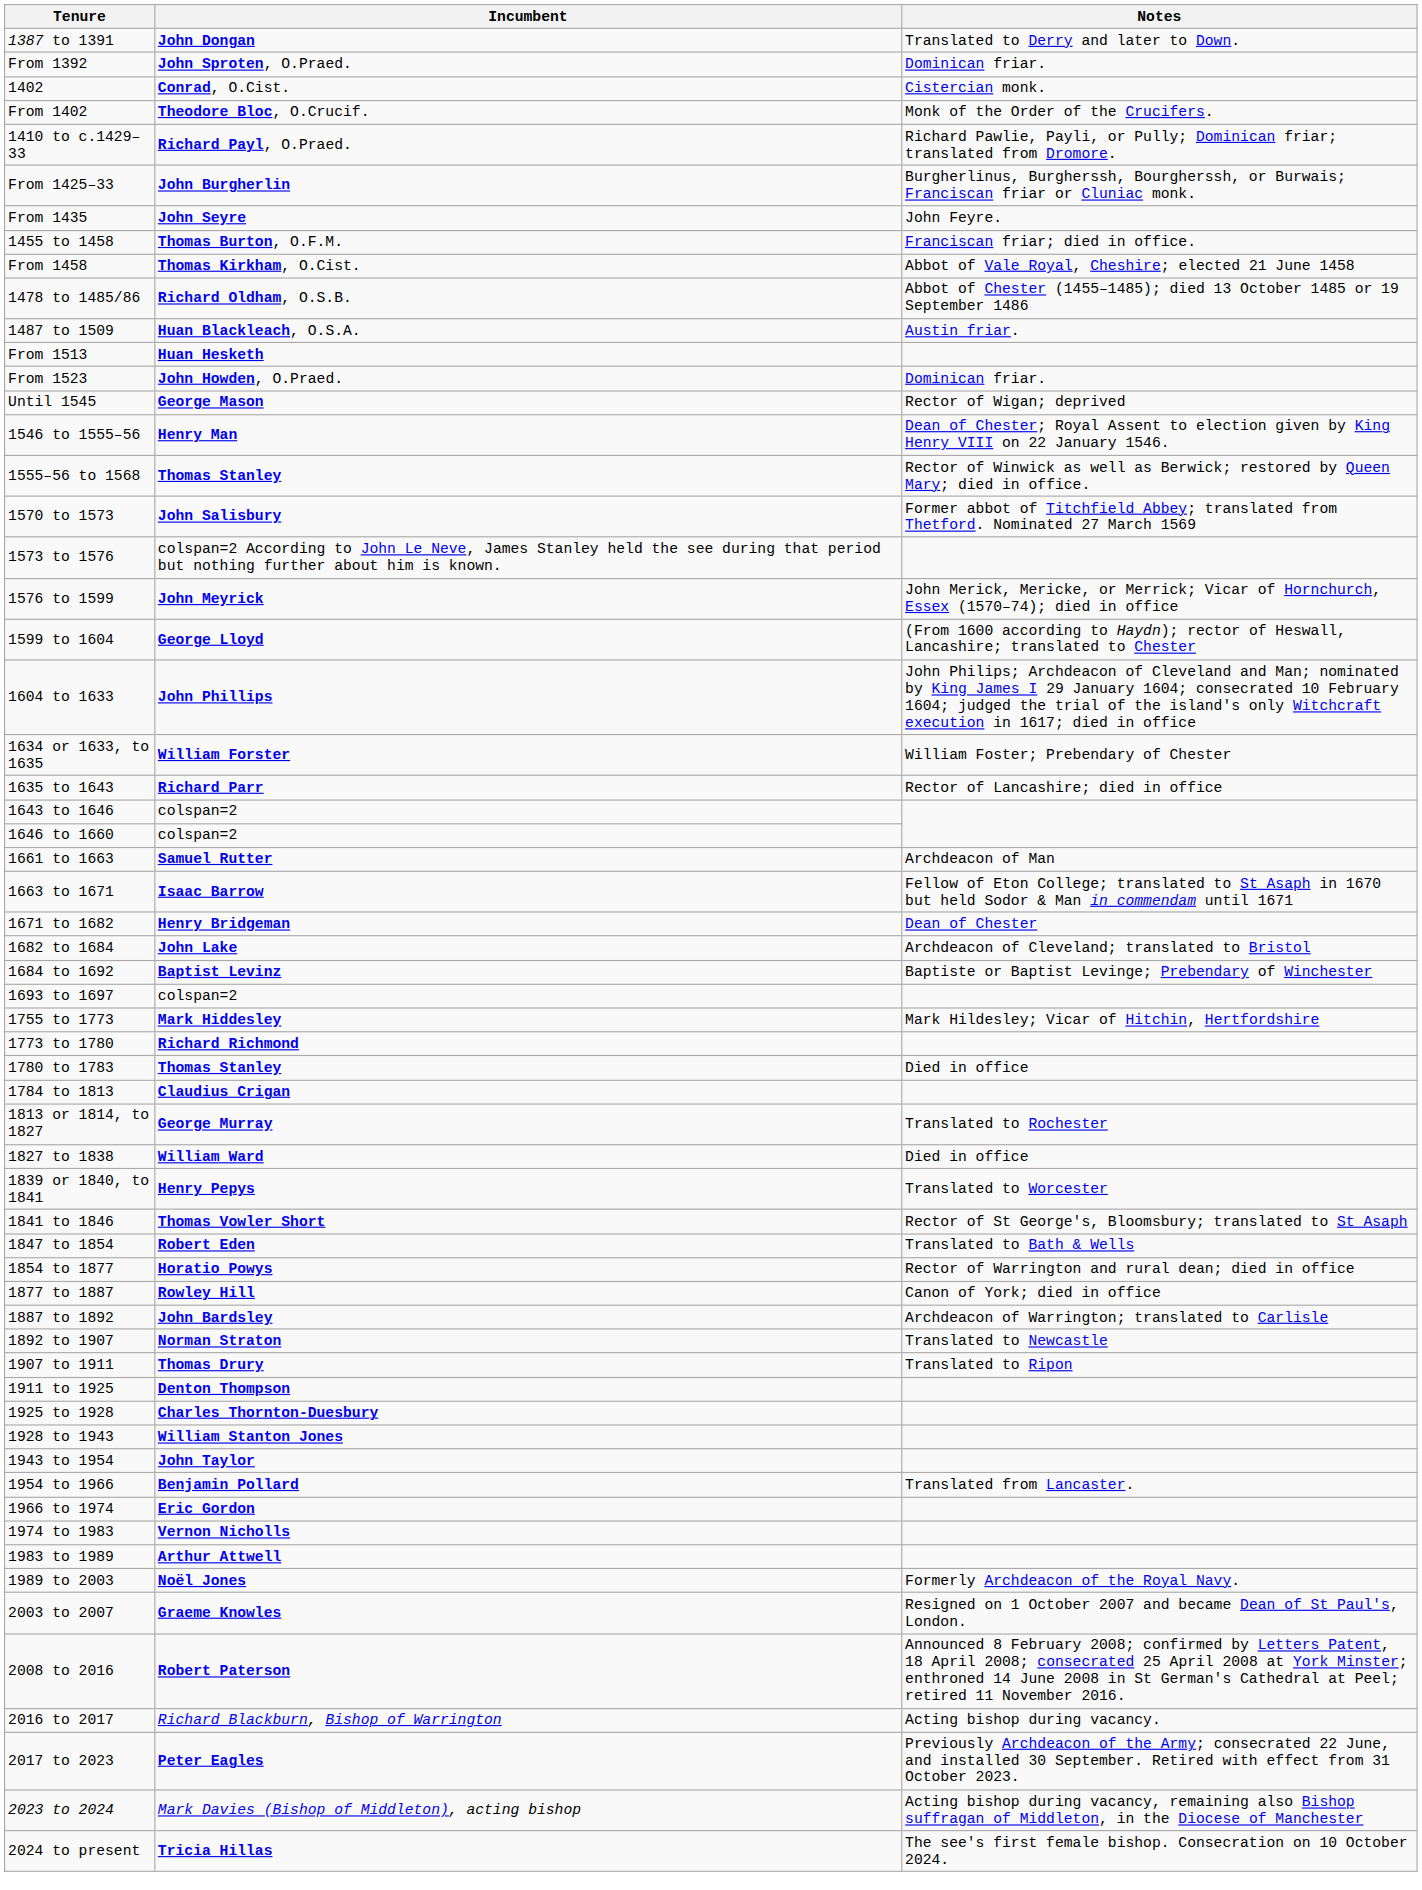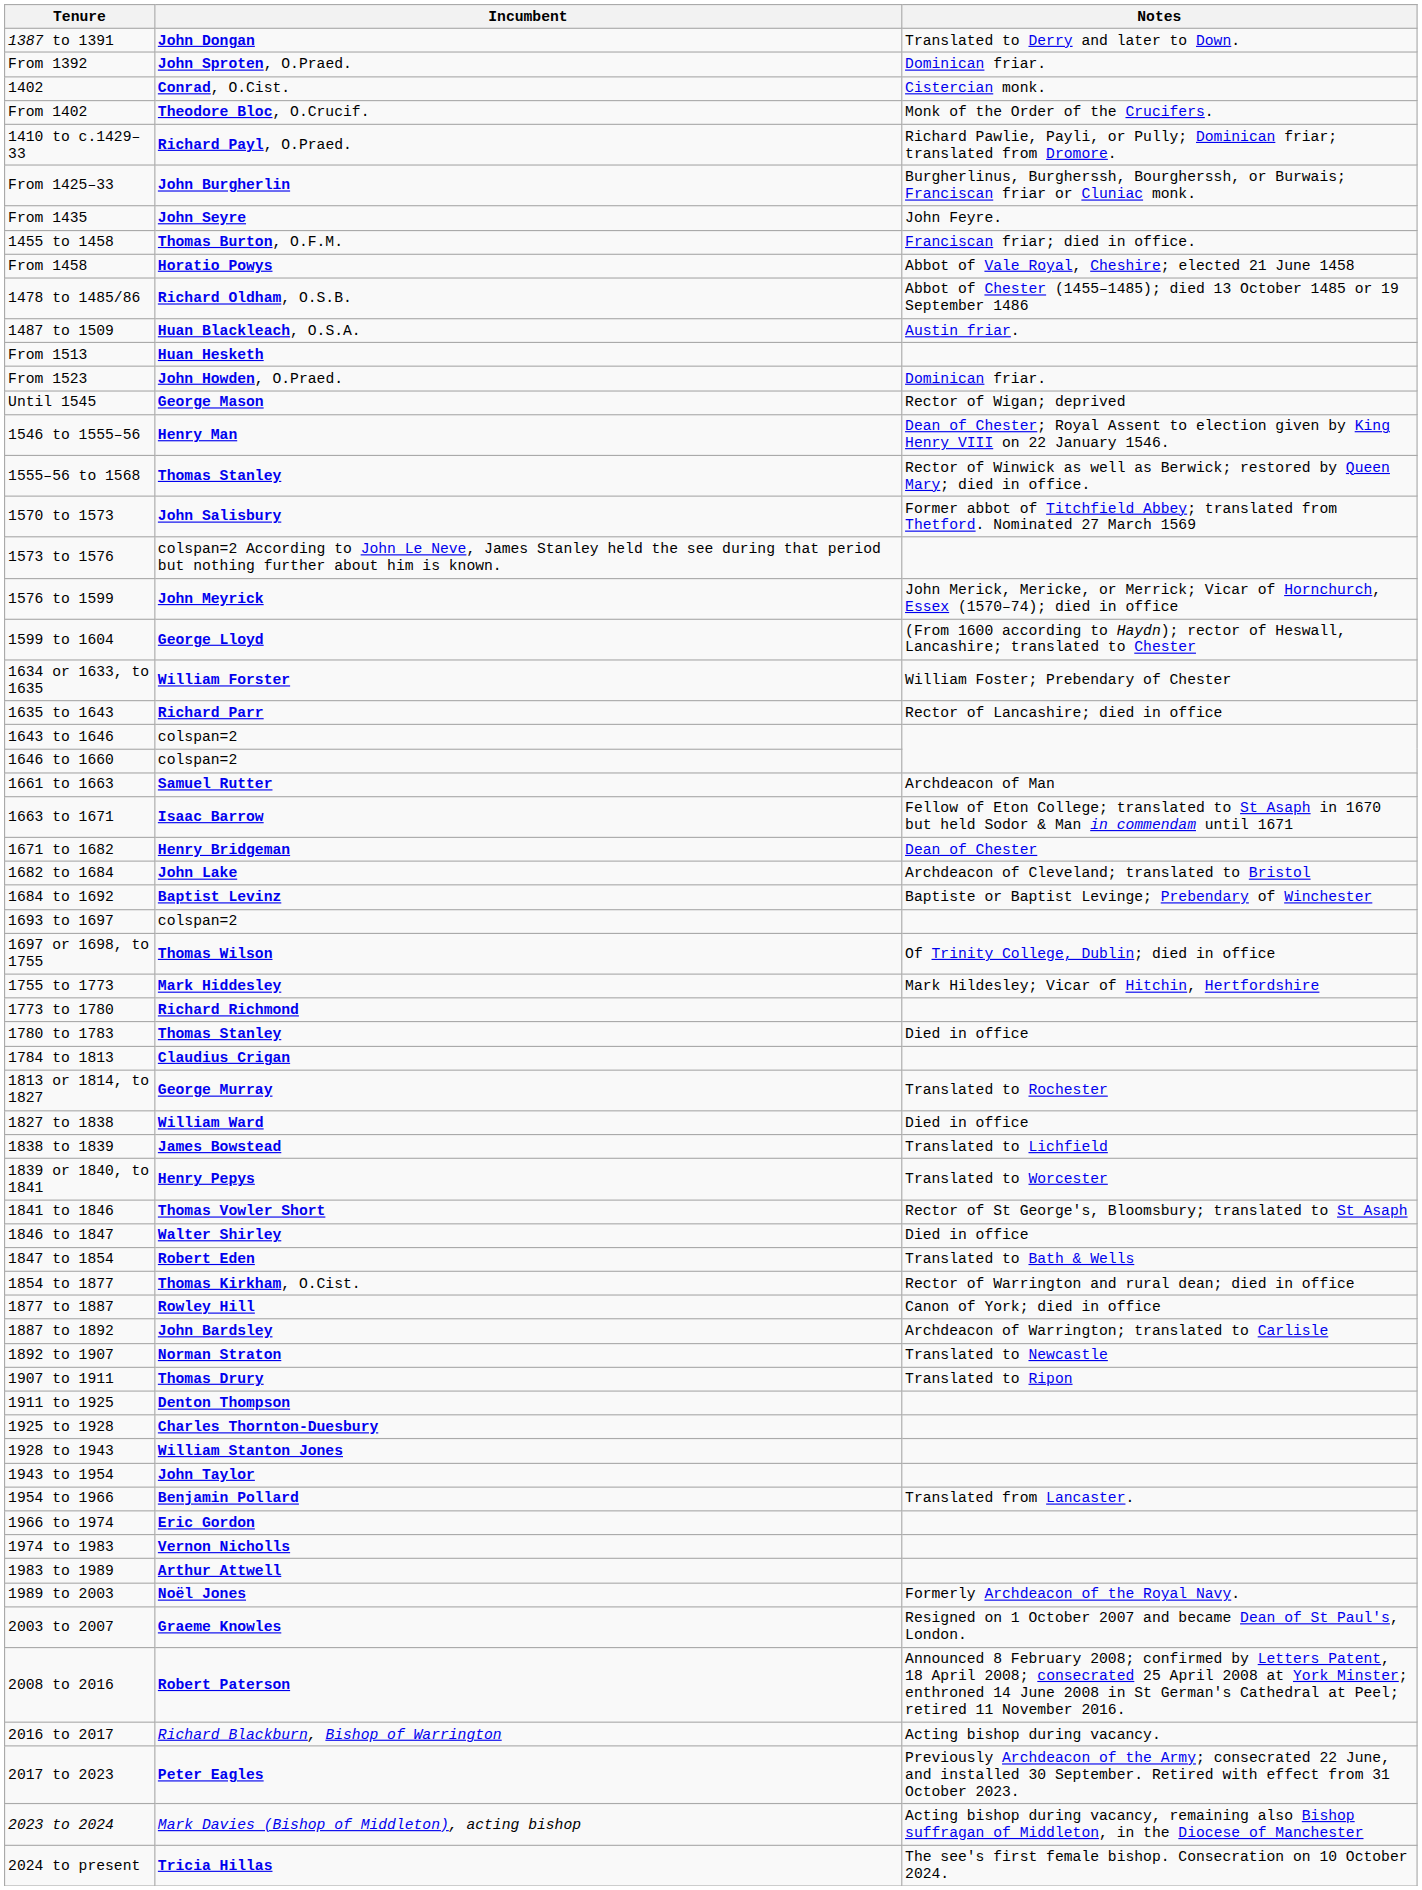 <table class="wikitable">
 <tr>
 <th>Tenure</th>
 <th>Incumbent</th>
 <th width="450pt">Notes</th>
 </tr>
 <tr>
 <td><em>1387</em> to 1391</td>
 <td><strong><a href='#'>John Dongan</a></strong></td>
 <td>Translated to <a href='#'>Derry</a> and later to <a href='#'>Down</a>.</td>
 </tr>
 <tr>
 <td>From 1392</td>
 <td><strong><a href='#'>John Sproten</a></strong>, O.Praed.</td>
 <td><a href='#'>Dominican</a> friar.</td>
 </tr>
 <tr>
 <td>1402</td>
 <td><strong><a href='#'>Conrad</a></strong>, O.Cist.</td>
 <td><a href='#'>Cistercian</a> monk.</td>
 </tr>
 <tr>
 <td>From 1402</td>
 <td><strong><a href='#'>Theodore Bloc</a></strong>, O.Crucif.</td>
 <td>Monk of the Order of the <a href='#'>Crucifers</a>.</td>
 </tr>
 <tr>
 <td>1410 to c.1429–33</td>
 <td><strong><a href='#'>Richard Payl</a></strong>, O.Praed.</td>
 <td>Richard Pawlie, Payli, or Pully; <a href='#'>Dominican</a> friar; translated from <a href='#'>Dromore</a>.</td>
 </tr>
 <tr>
 <td>From 1425–33</td>
 <td><strong><a href='#'>John Burgherlin</a></strong></td>
 <td>Burgherlinus, Burgherssh, Bourgherssh, or Burwais; <a href='#'>Franciscan</a> friar or <a href='#'>Cluniac</a> monk.</td>
 </tr>
 <tr>
 <td>From 1435</td>
 <td><strong><a href='#'>John Seyre</a></strong></td>
 <td>John Feyre.</td>
 </tr>
 <tr>
 <td>1455 to 1458</td>
 <td><strong><a href='#'>Thomas Burton</a></strong>, O.F.M.</td>
 <td><a href='#'>Franciscan</a> friar; died in office.</td>
 </tr>
 <tr>
 <td>From 1458</td>
-<td><strong><a href='#'>Thomas Kirkham</a></strong>, O.Cist.</td>
+<td><strong><a href='#'>Horatio Powys</a></strong></td>
 <td>Abbot of <a href='#'>Vale Royal</a>, <a href='#'>Cheshire</a>; elected 21 June 1458</td>
 </tr>
 <tr>
 <td>1478 to 1485/86</td>
 <td><strong><a href='#'>Richard Oldham</a></strong>, O.S.B.</td>
 <td>Abbot of <a href='#'>Chester</a> (1455–1485); died 13 October 1485 or 19 September 1486</td>
 </tr>
 <tr>
 <td>1487 to 1509</td>
 <td><strong><a href='#'>Huan Blackleach</a></strong>, O.S.A.</td>
 <td><a href='#'>Austin friar</a>.</td>
 </tr>
 <tr>
 <td>From 1513</td>
 <td><strong><a href='#'>Huan Hesketh</a></strong></td>
 <td></td>
 </tr>
 <tr>
 <td>From 1523</td>
 <td><strong><a href='#'>John Howden</a></strong>, O.Praed.</td>
 <td><a href='#'>Dominican</a> friar.</td>
 </tr>
 <tr>
 <td>Until 1545</td>
 <td><strong><a href='#'>George Mason</a></strong></td>
 <td>Rector of Wigan; deprived</td>
 </tr>
 <tr>
 <td>1546 to 1555–56</td>
 <td><strong><a href='#'>Henry Man</a></strong></td>
 <td><a href='#'>Dean of Chester</a>; Royal Assent to election given by <a href='#'>King Henry VIII</a> on 22 January 1546.</td>
 </tr>
 <tr>
 <td>1555–56 to 1568</td>
 <td><strong><a href='#'>Thomas Stanley</a></strong></td>
 <td>Rector of Winwick as well as Berwick; restored by <a href='#'>Queen Mary</a>; died in office.</td>
 </tr>
 <tr>
 <td>1570 to 1573</td>
 <td><strong><a href='#'>John Salisbury</a></strong></td>
 <td>Former abbot of <a href='#'>Titchfield Abbey</a>; translated from <a href='#'>Thetford</a>. Nominated 27 March 1569</td>
 </tr>
 <tr>
 <td>1573 to 1576</td>
 <td>colspan=2  According to <a href='#'>John Le Neve</a>, James Stanley held the see during that period but nothing further about him is known.</td>
 </tr>
 <tr>
 <td>1576 to 1599</td>
 <td><strong><a href='#'>John Meyrick</a></strong></td>
 <td>John Merick, Mericke, or Merrick; Vicar of <a href='#'>Hornchurch</a>, <a href='#'>Essex</a> (1570–74); died in office</td>
 </tr>
 <tr>
 <td>1599 to 1604</td>
 <td><strong><a href='#'>George Lloyd</a></strong></td>
 <td>(From 1600 according to <em>Haydn</em>); rector of Heswall, Lancashire; translated to <a href='#'>Chester</a></td>
 </tr>
 <tr>
-<td>1604 to 1633</td>
-<td><strong><a href='#'>John Phillips</a></strong></td>
-<td>John Philips; Archdeacon of Cleveland and Man; nominated by <a href='#'>King James I</a> 29 January 1604; consecrated 10 February 1604; judged the trial of the island's only <a href='#'>Witchcraft execution</a> in 1617; died in office</td>
-</tr>
-<tr>
 <td>1634 or 1633, to 1635</td>
 <td><strong><a href='#'>William Forster</a></strong></td>
 <td>William Foster; Prebendary of Chester</td>
 </tr>
 <tr>
 <td>1635 to 1643</td>
 <td><strong><a href='#'>Richard Parr</a></strong></td>
 <td>Rector of Lancashire; died in office</td>
 </tr>
 <tr>
 <td>1643 to 1646</td>
 <td>colspan=2 </td>
 </tr>
 <tr>
 <td>1646 to 1660</td>
 <td>colspan=2 </td>
 </tr>
 <tr>
 <td>1661 to 1663</td>
 <td><strong><a href='#'>Samuel Rutter</a></strong></td>
 <td>Archdeacon of Man</td>
 </tr>
 <tr>
 <td>1663 to 1671</td>
 <td><strong><a href='#'>Isaac Barrow</a></strong></td>
 <td>Fellow of Eton College; translated to <a href='#'>St Asaph</a> in 1670 but held Sodor & Man <em><a href='#'>in commendam</a></em> until 1671</td>
 </tr>
 <tr>
 <td>1671 to 1682</td>
 <td><strong><a href='#'>Henry Bridgeman</a></strong></td>
 <td><a href='#'>Dean of Chester</a></td>
 </tr>
 <tr>
 <td>1682 to 1684</td>
 <td><strong><a href='#'>John Lake</a></strong></td>
 <td>Archdeacon of Cleveland; translated to <a href='#'>Bristol</a></td>
 </tr>
 <tr>
 <td>1684 to 1692</td>
 <td><strong><a href='#'>Baptist Levinz</a></strong></td>
 <td>Baptiste or Baptist Levinge; <a href='#'>Prebendary</a> of <a href='#'>Winchester</a></td>
 </tr>
 <tr>
 <td>1693 to 1697</td>
 <td>colspan=2 </td>
 </tr>
 <tr>
+<td>1697 or 1698, to 1755</td>
+<td><strong><a href='#'>Thomas Wilson</a></strong></td>
+<td>Of <a href='#'>Trinity College, Dublin</a>; died in office</td>
+</tr>
+<tr>
 <td>1755 to 1773</td>
 <td><strong><a href='#'>Mark Hiddesley</a></strong></td>
 <td>Mark Hildesley; Vicar of <a href='#'>Hitchin</a>, <a href='#'>Hertfordshire</a></td>
 </tr>
 <tr>
 <td>1773 to 1780</td>
 <td><strong><a href='#'>Richard Richmond</a></strong></td>
 <td></td>
 </tr>
 <tr>
 <td>1780 to 1783</td>
 <td><strong><a href='#'>Thomas Stanley</a></strong></td>
 <td>Died in office</td>
 </tr>
 <tr>
 <td>1784 to 1813</td>
 <td><strong><a href='#'>Claudius Crigan</a></strong></td>
 <td></td>
 </tr>
 <tr>
 <td>1813 or 1814, to 1827</td>
 <td><strong><a href='#'>George Murray</a></strong></td>
 <td>Translated to <a href='#'>Rochester</a></td>
 </tr>
 <tr>
 <td>1827 to 1838</td>
 <td><strong><a href='#'>William Ward</a></strong></td>
 <td>Died in office</td>
 </tr>
 <tr>
+<td>1838 to 1839</td>
+<td><strong><a href='#'>James Bowstead</a></strong></td>
+<td>Translated to <a href='#'>Lichfield</a></td>
+</tr>
+<tr>
 <td>1839 or 1840, to 1841</td>
 <td><strong><a href='#'>Henry Pepys</a></strong></td>
 <td>Translated to <a href='#'>Worcester</a></td>
 </tr>
 <tr>
 <td>1841 to 1846</td>
 <td><strong><a href='#'>Thomas Vowler Short</a></strong></td>
 <td>Rector of St George's, Bloomsbury; translated to <a href='#'>St Asaph</a></td>
 </tr>
 <tr>
+<td>1846 to 1847</td>
+<td><strong><a href='#'>Walter Shirley</a></strong></td>
+<td>Died in office</td>
+</tr>
+<tr>
 <td>1847 to 1854</td>
 <td><strong><a href='#'>Robert Eden</a></strong></td>
 <td>Translated to <a href='#'>Bath & Wells</a></td>
 </tr>
 <tr>
 <td>1854 to 1877</td>
-<td><strong><a href='#'>Horatio Powys</a></strong></td>
+<td><strong><a href='#'>Thomas Kirkham</a></strong>, O.Cist.</td>
 <td>Rector of Warrington and rural dean; died in office</td>
 </tr>
 <tr>
 <td>1877 to 1887</td>
 <td><strong><a href='#'>Rowley Hill</a></strong></td>
 <td>Canon of York; died in office</td>
 </tr>
 <tr>
 <td>1887 to 1892</td>
 <td><strong><a href='#'>John Bardsley</a></strong></td>
 <td>Archdeacon of Warrington; translated to <a href='#'>Carlisle</a></td>
 </tr>
 <tr>
 <td>1892 to 1907</td>
 <td><strong><a href='#'>Norman Straton</a></strong></td>
 <td>Translated to <a href='#'>Newcastle</a></td>
 </tr>
 <tr>
 <td>1907 to 1911</td>
 <td><strong><a href='#'>Thomas Drury</a></strong></td>
 <td>Translated to <a href='#'>Ripon</a></td>
 </tr>
 <tr>
 <td>1911 to 1925</td>
 <td><strong><a href='#'>Denton Thompson</a></strong></td>
 <td></td>
 </tr>
 <tr>
 <td>1925 to 1928</td>
 <td><strong><a href='#'>Charles Thornton-Duesbury</a></strong></td>
 <td></td>
 </tr>
 <tr>
 <td>1928 to 1943</td>
 <td><strong><a href='#'>William Stanton Jones</a></strong></td>
 <td></td>
 </tr>
 <tr>
 <td>1943 to 1954</td>
 <td><strong><a href='#'>John Taylor</a></strong></td>
 <td></td>
 </tr>
 <tr>
 <td>1954 to 1966</td>
 <td><strong><a href='#'>Benjamin Pollard</a></strong></td>
 <td>Translated from <a href='#'>Lancaster</a>.</td>
 </tr>
 <tr>
 <td>1966 to 1974</td>
 <td><strong><a href='#'>Eric Gordon</a></strong></td>
 <td></td>
 </tr>
 <tr>
 <td>1974 to 1983</td>
 <td><strong><a href='#'>Vernon Nicholls</a></strong></td>
 <td></td>
 </tr>
 <tr>
 <td>1983 to 1989</td>
 <td><strong><a href='#'>Arthur Attwell</a></strong></td>
 <td></td>
 </tr>
 <tr>
 <td>1989 to 2003</td>
 <td><strong><a href='#'>Noël Jones</a></strong></td>
 <td>Formerly <a href='#'>Archdeacon of the Royal Navy</a>.</td>
 </tr>
 <tr>
 <td>2003 to 2007</td>
 <td><strong><a href='#'>Graeme Knowles</a></strong></td>
 <td>Resigned on 1 October 2007 and became <a href='#'>Dean of St Paul's</a>, London.</td>
 </tr>
 <tr>
 <td>2008 to 2016</td>
 <td><strong><a href='#'>Robert Paterson</a></strong></td>
 <td>Announced 8 February 2008; confirmed by <a href='#'>Letters Patent</a>, 18 April 2008; <a href='#'>consecrated</a> 25 April 2008 at <a href='#'>York Minster</a>; enthroned 14 June 2008 in St German's Cathedral at Peel; retired 11 November 2016.</td>
 </tr>
 <tr>
 <td>2016 to 2017</td>
 <td><em><a href='#'>Richard Blackburn</a>, <a href='#'>Bishop of Warrington</a></em></td>
 <td>Acting bishop during vacancy.</td>
 </tr>
 <tr>
 <td>2017 to 2023</td>
 <td><strong><a href='#'>Peter Eagles</a></strong></td>
 <td>Previously <a href='#'>Archdeacon of the Army</a>; consecrated 22 June, and installed 30 September. Retired with effect from 31 October 2023.</td>
 </tr>
 <tr>
 <td><em>2023 to 2024</em></td>
 <td><em><a href='#'>Mark Davies (Bishop of Middleton)</a>, acting bishop</em></td>
 <td>Acting bishop during vacancy, remaining also <a href='#'>Bishop suffragan of Middleton</a>, in the <a href='#'>Diocese of Manchester</a></td>
 </tr>
 <tr>
 <td>2024 to present</td>
 <td><strong><a href='#'>Tricia Hillas</a></strong></td>
 <td>The see's first female bishop. Consecration on 10 October 2024.</td>
 </tr>
 </table>
